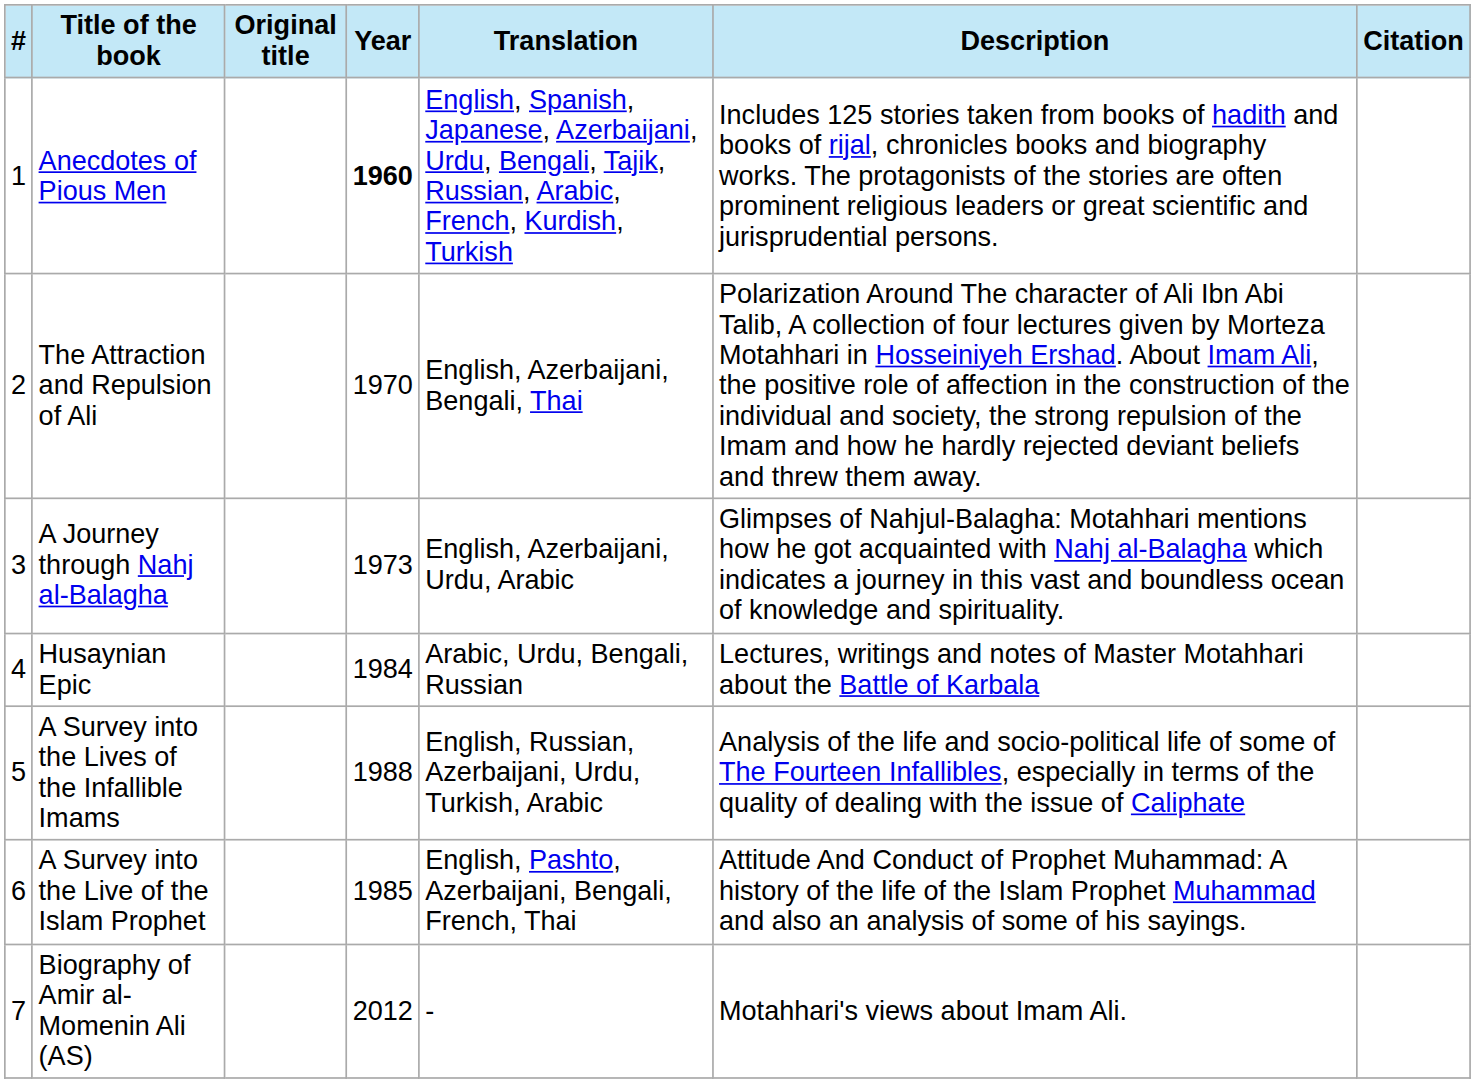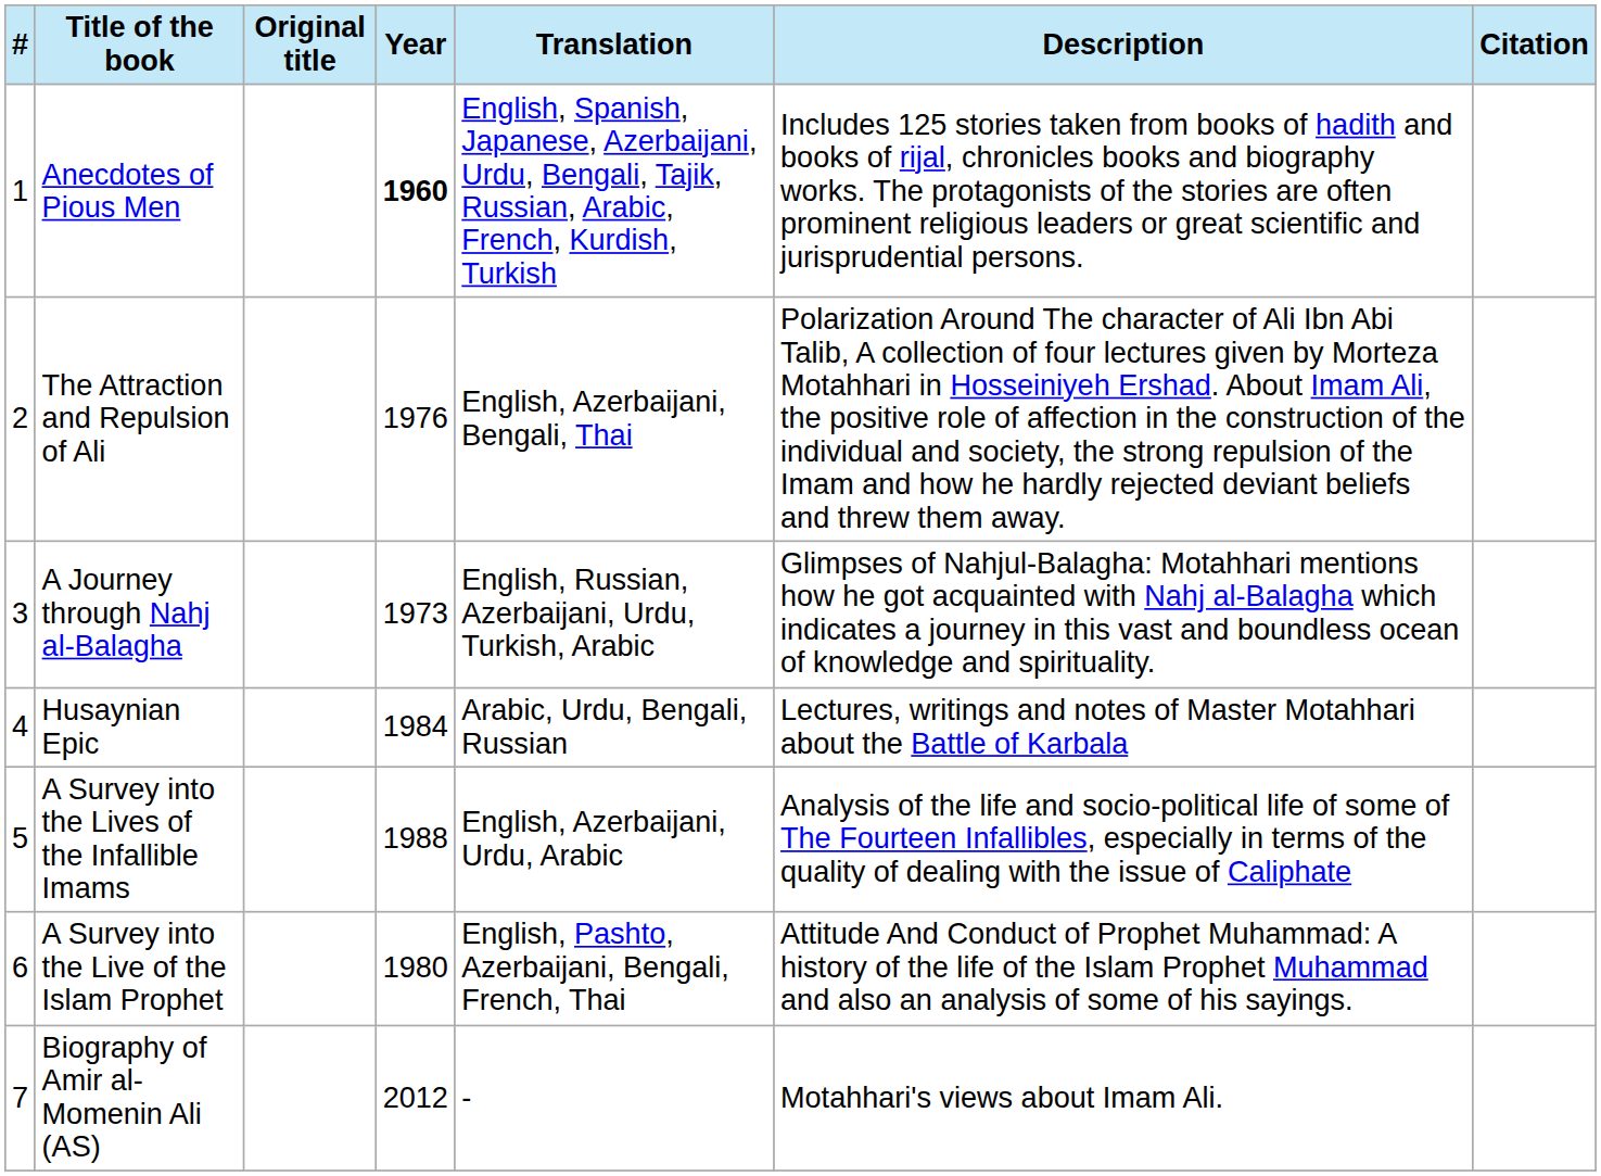 <table class="wikitable" style="background-color:#ffffff; color:#000000">
 <tr>
 <th style="background-color:#c3e8f7;">#</th>
 <th style="background-color:#c3e8f7;">Title of the book</th>
 <th style="background-color:#c3e8f7;">Original title</th>
 <th style="background-color:#c3e8f7;">Year</th>
 <th style="background-color:#c3e8f7;">Translation</th>
 <th style="background-color:#c3e8f7;">Description</th>
 <th style="background-color:#c3e8f7;">Citation</th>
 </tr>
 <tr>
 <td>1</td>
 <td><a href='#'>Anecdotes of Pious Men</a></td>
 <td></td>
 <td><strong>1960</strong></td>
 <td><a href='#'>English</a>, <a href='#'>Spanish</a>, <a href='#'>Japanese</a>, <a href='#'>Azerbaijani</a>, <a href='#'>Urdu</a>, <a href='#'>Bengali</a>, <a href='#'>Tajik</a>, <a href='#'>Russian</a>, <a href='#'>Arabic</a>, <a href='#'>French</a>, <a href='#'>Kurdish</a>, <a href='#'>Turkish</a></td>
 <td>Includes 125 stories taken from books of <a href='#'>hadith</a> and books of <a href='#'>rijal</a>, chronicles books and biography works. The protagonists of the stories are often prominent religious leaders or great scientific and jurisprudential persons.</td>
 <td></td>
 </tr>
 <tr>
 <td>2</td>
 <td>The Attraction and Repulsion of Ali</td>
 <td></td>
-<td>1970</td>
+<td>1976</td>
 <td>English, Azerbaijani, Bengali, <a href='#'>Thai</a></td>
 <td>Polarization Around The character of Ali Ibn Abi Talib, A collection of four lectures given by Morteza Motahhari in <a href='#'>Hosseiniyeh Ershad</a>. About <a href='#'>Imam Ali</a>, the positive role of affection in the construction of the individual and society, the strong repulsion of the Imam and how he hardly rejected deviant beliefs and threw them away.</td>
 <td></td>
 </tr>
 <tr>
 <td>3</td>
 <td>A Journey through <a href='#'>Nahj al-Balagha</a></td>
 <td></td>
 <td>1973</td>
-<td>English, Azerbaijani, Urdu, Arabic</td>
+<td>English, Russian, Azerbaijani, Urdu, Turkish, Arabic</td>
 <td>Glimpses of Nahjul-Balagha: Motahhari mentions how he got acquainted with <a href='#'>Nahj al-Balagha</a> which indicates a journey in this vast and boundless ocean of knowledge and spirituality.</td>
 <td></td>
 </tr>
 <tr>
 <td>4</td>
 <td>Husaynian Epic</td>
 <td></td>
 <td>1984</td>
 <td>Arabic, Urdu, Bengali, Russian</td>
 <td>Lectures, writings and notes of Master Motahhari about the <a href='#'>Battle of Karbala</a></td>
 <td></td>
 </tr>
 <tr>
 <td>5</td>
 <td>A Survey into the Lives of the Infallible Imams</td>
 <td></td>
 <td>1988</td>
-<td>English, Russian, Azerbaijani, Urdu, Turkish, Arabic</td>
+<td>English, Azerbaijani, Urdu, Arabic</td>
 <td>Analysis of the life and socio-political life of some of <a href='#'>The Fourteen Infallibles</a>, especially in terms of the quality of dealing with the issue of <a href='#'>Caliphate</a></td>
 <td></td>
 </tr>
 <tr>
 <td>6</td>
 <td>A Survey into the Live of the Islam Prophet</td>
 <td></td>
-<td>1985</td>
+<td>1980</td>
 <td>English, <a href='#'>Pashto</a>, Azerbaijani, Bengali, French, Thai</td>
 <td>Attitude And Conduct of Prophet Muhammad: A history of the life of the Islam Prophet <a href='#'>Muhammad</a> and also an analysis of some of his sayings.</td>
 <td></td>
 </tr>
 <tr>
 <td>7</td>
 <td>Biography of Amir al-Momenin Ali (AS)</td>
 <td></td>
 <td>2012</td>
 <td>-</td>
 <td>Motahhari's views about Imam Ali.</td>
 <td></td>
 </tr>
 </table>
